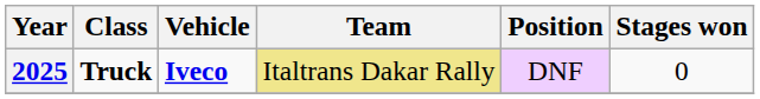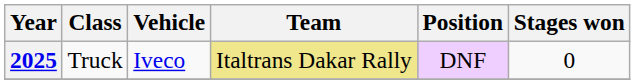 <table class="wikitable">
 <tr>
 <th>Year</th>
 <th>Class</th>
 <th>Vehicle</th>
 <th>Team</th>
 <th>Position</th>
 <th>Stages won</th>
 </tr>
 <tr>
 <th><a href='#'>2025</a></th>
-<td><strong>Truck</strong></td>
-<td><strong> <a href='#'>Iveco</a></strong></td>
+<td>Truck</td>
+<td> <a href='#'>Iveco</a></td>
 <td style="background: khaki;">Italtrans Dakar Rally</td>
 <td align="center" style="background:#EFCFFF;">DNF</td>
 <td align="center">0</td>
 </tr>
 <tr>
 </tr>
 </table>
